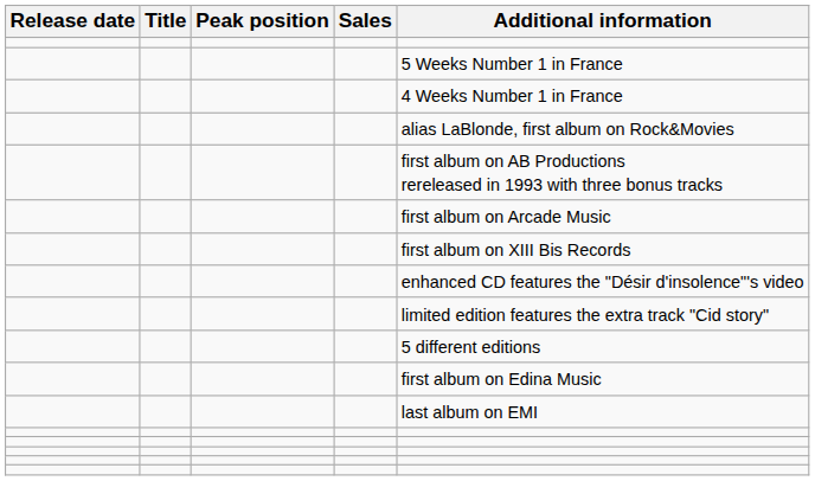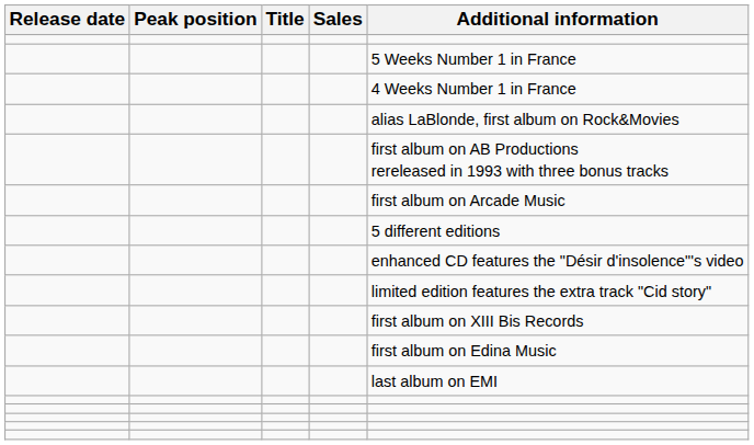 <table class="wikitable">
 <tr>
 <th rowspan="1">Release date</th>
+<th rowspan="1">Peak position</th>
 <th rowspan="1">Title</th>
-<th rowspan="1">Peak position</th>
 <th rowspan="1">Sales</th>
 <th rowspan="1">Additional information</th>
 </tr>
 <tr>
 <td></td>
 <td></td>
 <td></td>
 <td></td>
 <td></td>
 </tr>
 <tr>
 <td></td>
 <td></td>
 <td></td>
 <td></td>
 <td><small>5 Weeks Number 1 in France</small></td>
 </tr>
 <tr>
 <td></td>
 <td></td>
 <td></td>
 <td></td>
 <td><small>4 Weeks Number 1 in France</small></td>
 </tr>
 <tr>
 <td></td>
 <td></td>
 <td></td>
 <td></td>
 <td><small>alias LaBlonde, first album on Rock&Movies</small></td>
 </tr>
 <tr>
 <td></td>
 <td></td>
 <td></td>
 <td></td>
 <td><small>first album on AB Productions<br>rereleased in 1993 with three bonus tracks</small></td>
 </tr>
 <tr>
 <td></td>
 <td></td>
 <td></td>
 <td></td>
 <td><small>first album on Arcade Music</small></td>
 </tr>
 <tr>
 <td></td>
 <td></td>
 <td></td>
 <td></td>
-<td><small>first album on XIII Bis Records</small></td>
+<td><small>5 different editions</small></td>
 </tr>
 <tr>
 <td></td>
 <td></td>
 <td></td>
 <td></td>
 <td><small>enhanced CD features the "Désir d'insolence"'s video</small></td>
 </tr>
 <tr>
 <td></td>
 <td></td>
 <td></td>
 <td></td>
 <td><small>limited edition features the extra track "Cid story"</small></td>
 </tr>
 <tr>
 <td></td>
 <td></td>
 <td></td>
 <td></td>
-<td><small>5 different editions</small></td>
+<td><small>first album on XIII Bis Records</small></td>
 </tr>
 <tr>
 <td></td>
 <td></td>
 <td></td>
 <td></td>
 <td><small>first album on Edina Music</small></td>
 </tr>
 <tr>
 <td></td>
 <td></td>
 <td></td>
 <td></td>
 <td><small>last album on EMI</small></td>
 </tr>
 <tr>
 <td></td>
 <td></td>
 <td></td>
 <td></td>
 <td></td>
 </tr>
 <tr>
 <td></td>
 <td></td>
 <td></td>
 <td></td>
 <td></td>
 </tr>
 <tr>
 <td></td>
 <td></td>
 <td></td>
 <td></td>
 <td></td>
 </tr>
 <tr>
 <td></td>
 <td></td>
 <td></td>
 <td></td>
 <td></td>
 </tr>
 <tr>
 <td></td>
 <td></td>
 <td></td>
 <td></td>
 <td></td>
 </tr>
 </table>
